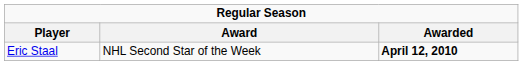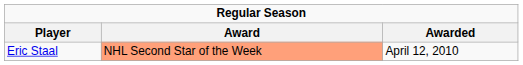 <table class="wikitable" style="width:55%;">
 <tr>
 <td colspan="10" style="text-align:center;"><strong>Regular Season</strong></td>
 </tr>
 <tr>
 <th>Player</th>
 <th>Award</th>
 <th>Awarded</th>
 </tr>
 <tr>
 <td><a href='#'>Eric Staal</a></td>
-<td>NHL Second Star of the Week</td>
-<td><strong>April 12, 2010</strong></td>
+<td style="background: lightsalmon;">NHL Second Star of the Week</td>
+<td>April 12, 2010</td>
 </tr>
 </table>
